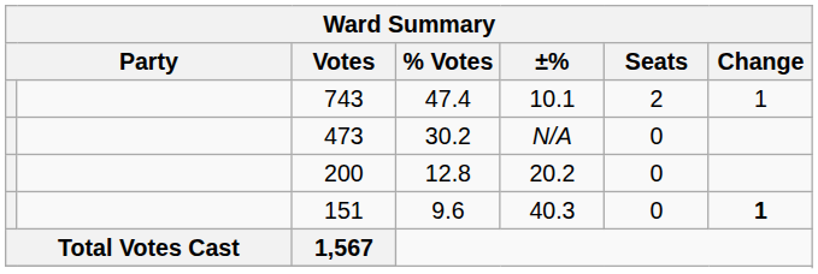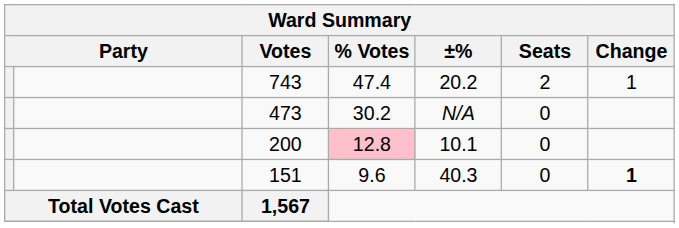 <table class="wikitable" style="font-size: 95%;">
 <tr>
 <th colspan="7">Ward Summary</th>
 </tr>
 <tr>
 <th colspan="2">Party</th>
 <th style="width: 60px">Votes</th>
 <th style="width: 60px">% Votes</th>
 <th style="width: 60px">±%</th>
 <th style="width: 60px">Seats</th>
 <th style="width: 60px">Change</th>
 </tr>
 <tr>
 <th style="background-color: "></th>
 <td style="width: 170px"><a href='#'></a></td>
 <td align="center">743</td>
 <td align="center">47.4</td>
-<td align="center">10.1</td>
+<td align="center">20.2</td>
 <td align="center">2</td>
 <td align="center">1</td>
 </tr>
 <tr>
 <th style="background-color: "></th>
 <td style="width: 170px"><a href='#'></a></td>
 <td align="center">473</td>
 <td align="center">30.2</td>
 <td align="center"><em>N/A</em></td>
 <td align="center">0</td>
 <td align="center"></td>
 </tr>
 <tr>
 <th style="background-color: "></th>
 <td style="width: 170px"><a href='#'></a></td>
 <td align="center">200</td>
-<td align="center">12.8</td>
-<td align="center">20.2</td>
+<td align="center" style="background: pink;">12.8</td>
+<td align="center">10.1</td>
 <td align="center">0</td>
 <td align="center"></td>
 </tr>
 <tr>
 <th style="background-color: "></th>
 <td style="width: 170px"><a href='#'></a></td>
 <td align="center">151</td>
 <td align="center">9.6</td>
 <td align="center">40.3</td>
 <td align="center">0</td>
 <td align="center"><strong>1</strong></td>
 </tr>
 <tr style="background-color:#E9E9E9">
 <th colspan="2">Total Votes Cast</th>
 <th style="width: 60px">1,567</th>
 </tr>
 <tr style="background-color:#E9E9E9">
 </tr>
 </table>
